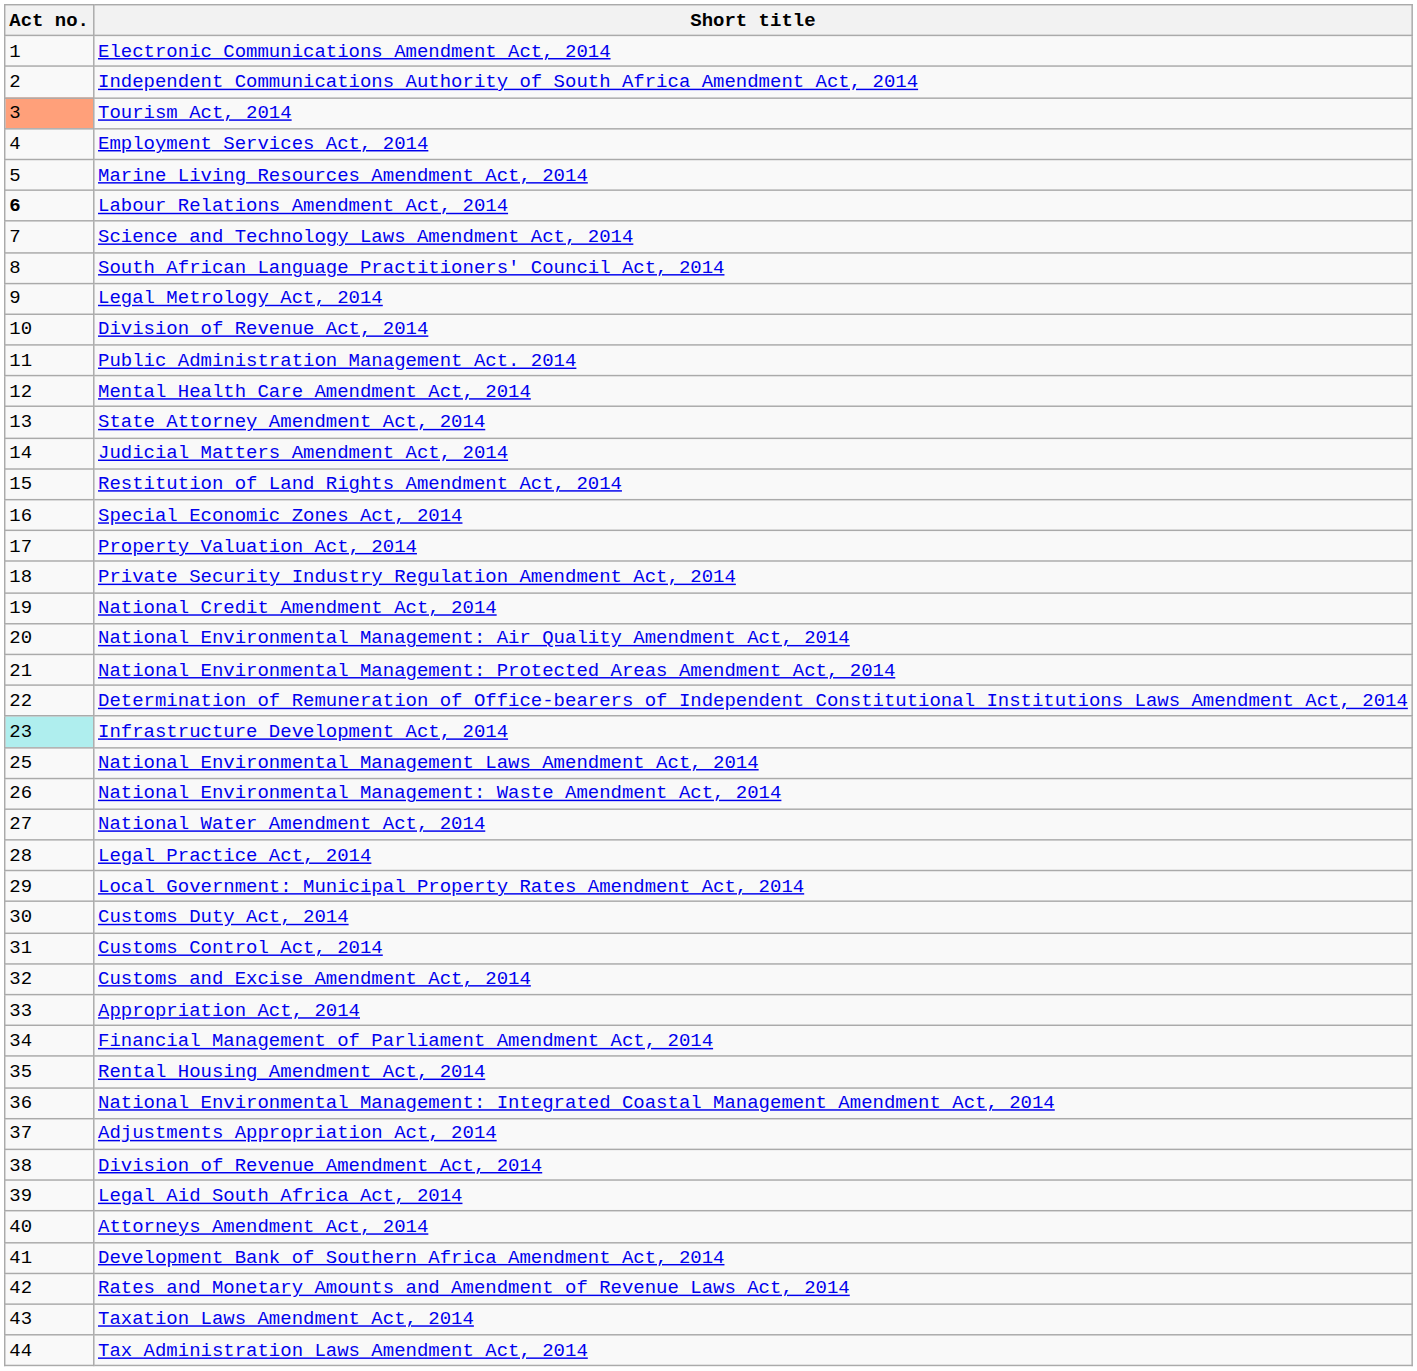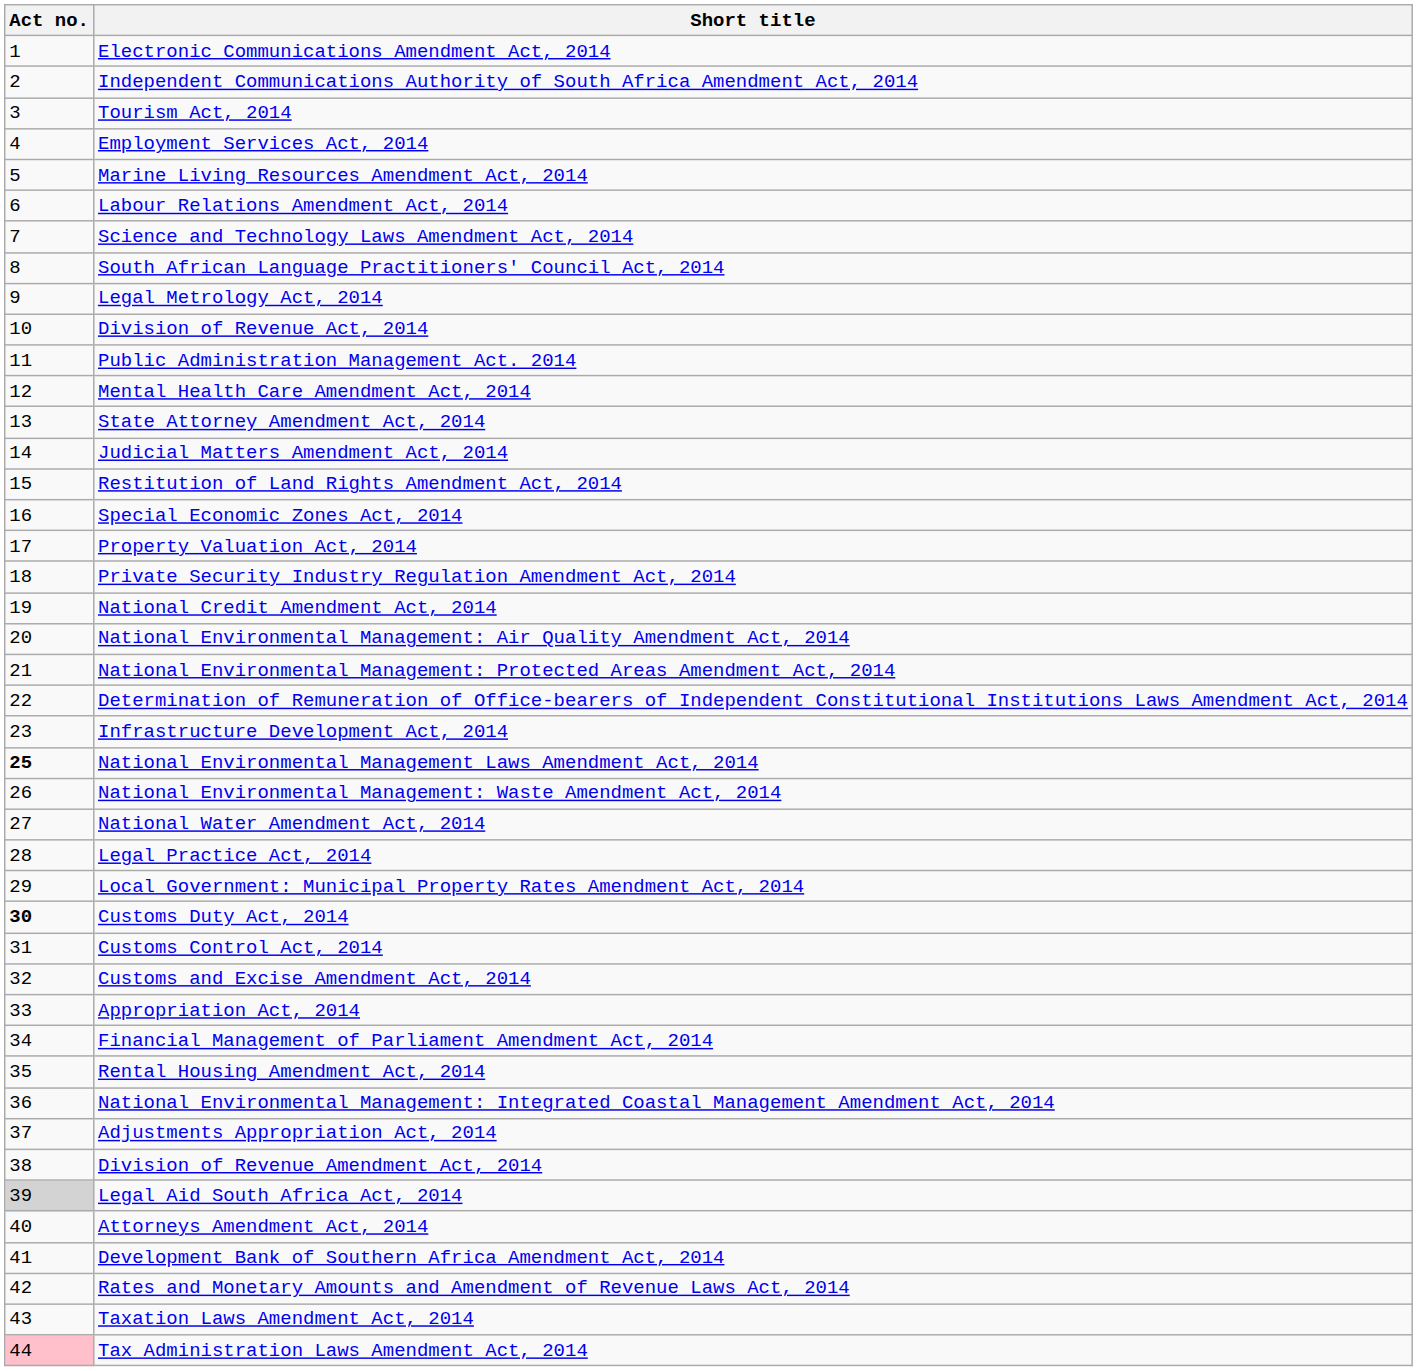 <table class="wikitable sortable">
 <tr>
 <th>Act no.</th>
 <th>Short title</th>
 </tr>
 <tr>
 <td>1</td>
 <td><a href='#'>Electronic Communications Amendment Act, 2014</a></td>
 </tr>
 <tr>
 <td>2</td>
 <td><a href='#'>Independent Communications Authority of South Africa Amendment Act, 2014</a></td>
 </tr>
 <tr>
-<td style="background: lightsalmon;">3</td>
+<td>3</td>
 <td><a href='#'>Tourism Act, 2014</a></td>
 </tr>
 <tr>
 <td>4</td>
 <td><a href='#'>Employment Services Act, 2014</a></td>
 </tr>
 <tr>
 <td>5</td>
 <td><a href='#'>Marine Living Resources Amendment Act, 2014</a></td>
 </tr>
 <tr>
-<td><strong>6</strong></td>
+<td>6</td>
 <td><a href='#'>Labour Relations Amendment Act, 2014</a></td>
 </tr>
 <tr>
 <td>7</td>
 <td><a href='#'>Science and Technology Laws Amendment Act, 2014</a></td>
 </tr>
 <tr>
 <td>8</td>
 <td><a href='#'>South African Language Practitioners' Council Act, 2014</a></td>
 </tr>
 <tr>
 <td>9</td>
 <td><a href='#'>Legal Metrology Act, 2014</a></td>
 </tr>
 <tr>
 <td>10</td>
 <td><a href='#'>Division of Revenue Act, 2014</a></td>
 </tr>
 <tr>
 <td>11</td>
 <td><a href='#'>Public Administration Management Act. 2014</a></td>
 </tr>
 <tr>
 <td>12</td>
 <td><a href='#'>Mental Health Care Amendment Act, 2014</a></td>
 </tr>
 <tr>
 <td>13</td>
 <td><a href='#'>State Attorney Amendment Act, 2014</a></td>
 </tr>
 <tr>
 <td>14</td>
 <td><a href='#'>Judicial Matters Amendment Act, 2014</a></td>
 </tr>
 <tr>
 <td>15</td>
 <td><a href='#'>Restitution of Land Rights Amendment Act, 2014</a></td>
 </tr>
 <tr>
 <td>16</td>
 <td><a href='#'>Special Economic Zones Act, 2014</a></td>
 </tr>
 <tr>
 <td>17</td>
 <td><a href='#'>Property Valuation Act, 2014</a></td>
 </tr>
 <tr>
 <td>18</td>
 <td><a href='#'>Private Security Industry Regulation Amendment Act, 2014</a></td>
 </tr>
 <tr>
 <td>19</td>
 <td><a href='#'>National Credit Amendment Act, 2014</a></td>
 </tr>
 <tr>
 <td>20</td>
 <td><a href='#'>National Environmental Management: Air Quality Amendment Act, 2014</a></td>
 </tr>
 <tr>
 <td>21</td>
 <td><a href='#'>National Environmental Management: Protected Areas Amendment Act, 2014</a></td>
 </tr>
 <tr>
 <td>22</td>
 <td><a href='#'>Determination of Remuneration of Office-bearers of Independent Constitutional Institutions Laws Amendment Act, 2014</a></td>
 </tr>
 <tr>
-<td style="background: paleturquoise;">23</td>
+<td>23</td>
 <td><a href='#'>Infrastructure Development Act, 2014</a></td>
 </tr>
 <tr>
-<td>25</td>
+<td><strong>25</strong></td>
 <td><a href='#'>National Environmental Management Laws Amendment Act, 2014</a></td>
 </tr>
 <tr>
 <td>26</td>
 <td><a href='#'>National Environmental Management: Waste Amendment Act, 2014</a></td>
 </tr>
 <tr>
 <td>27</td>
 <td><a href='#'>National Water Amendment Act, 2014</a></td>
 </tr>
 <tr>
 <td>28</td>
 <td><a href='#'>Legal Practice Act, 2014</a></td>
 </tr>
 <tr>
 <td>29</td>
 <td><a href='#'>Local Government: Municipal Property Rates Amendment Act, 2014</a></td>
 </tr>
 <tr>
-<td>30</td>
+<td><strong>30</strong></td>
 <td><a href='#'>Customs Duty Act, 2014</a></td>
 </tr>
 <tr>
 <td>31</td>
 <td><a href='#'>Customs Control Act, 2014</a></td>
 </tr>
 <tr>
 <td>32</td>
 <td><a href='#'>Customs and Excise Amendment Act, 2014</a></td>
 </tr>
 <tr>
 <td>33</td>
 <td><a href='#'>Appropriation Act, 2014</a></td>
 </tr>
 <tr>
 <td>34</td>
 <td><a href='#'>Financial Management of Parliament Amendment Act, 2014</a></td>
 </tr>
 <tr>
 <td>35</td>
 <td><a href='#'>Rental Housing Amendment Act, 2014</a></td>
 </tr>
 <tr>
 <td>36</td>
 <td><a href='#'>National Environmental Management: Integrated Coastal Management Amendment Act, 2014</a></td>
 </tr>
 <tr>
 <td>37</td>
 <td><a href='#'>Adjustments Appropriation Act, 2014</a></td>
 </tr>
 <tr>
 <td>38</td>
 <td><a href='#'>Division of Revenue Amendment Act, 2014</a></td>
 </tr>
 <tr>
-<td>39</td>
+<td style="background: lightgrey;">39</td>
 <td><a href='#'>Legal Aid South Africa Act, 2014</a></td>
 </tr>
 <tr>
 <td>40</td>
 <td><a href='#'>Attorneys Amendment Act, 2014</a></td>
 </tr>
 <tr>
 <td>41</td>
 <td><a href='#'>Development Bank of Southern Africa Amendment Act, 2014</a></td>
 </tr>
 <tr>
 <td>42</td>
 <td><a href='#'>Rates and Monetary Amounts and Amendment of Revenue Laws Act, 2014</a></td>
 </tr>
 <tr>
 <td>43</td>
 <td><a href='#'>Taxation Laws Amendment Act, 2014</a></td>
 </tr>
 <tr>
-<td>44</td>
+<td style="background: pink;">44</td>
 <td><a href='#'>Tax Administration Laws Amendment Act, 2014</a></td>
 </tr>
 </table>
